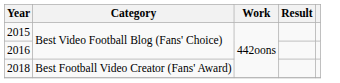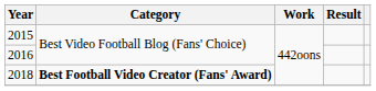 <table class="wikitable">
 <tr>
 <th>Year</th>
 <th>Category</th>
 <th>Work</th>
 <th>Result</th>
 <th></th>
 </tr>
 <tr>
 <td>2015</td>
 <td rowspan="2">Best Video Football Blog (Fans' Choice)</td>
 <td rowspan="3">442oons</td>
 <td></td>
 <td></td>
 </tr>
 <tr>
 <td>2016</td>
 <td></td>
 <td></td>
 </tr>
 <tr>
 <td>2018</td>
-<td>Best Football Video Creator (Fans' Award)</td>
+<td><strong>Best Football Video Creator (Fans' Award)</strong></td>
 <td></td>
 <td></td>
 </tr>
 <tr>
 </tr>
 </table>
